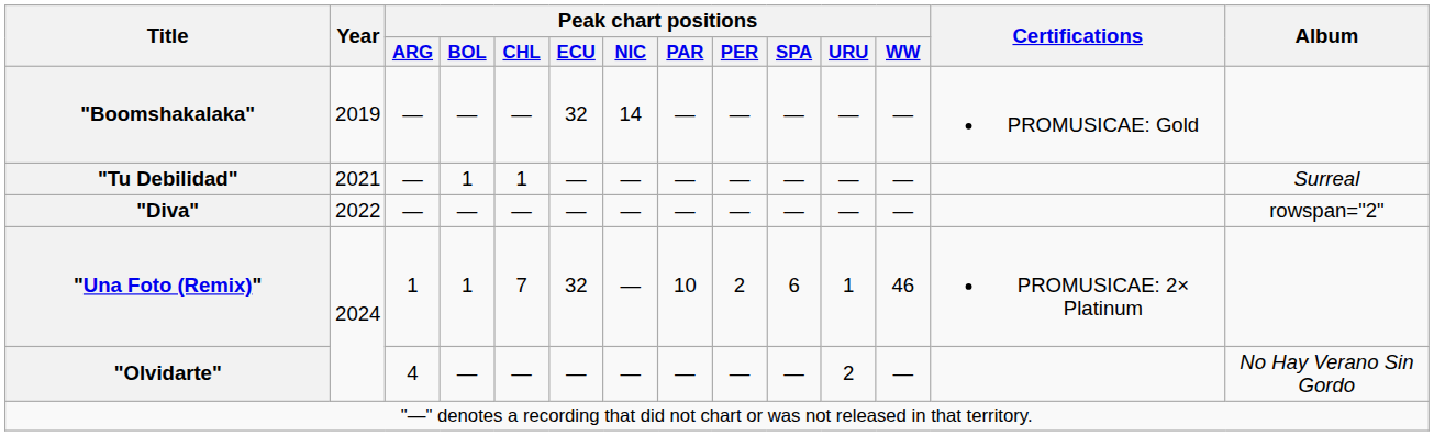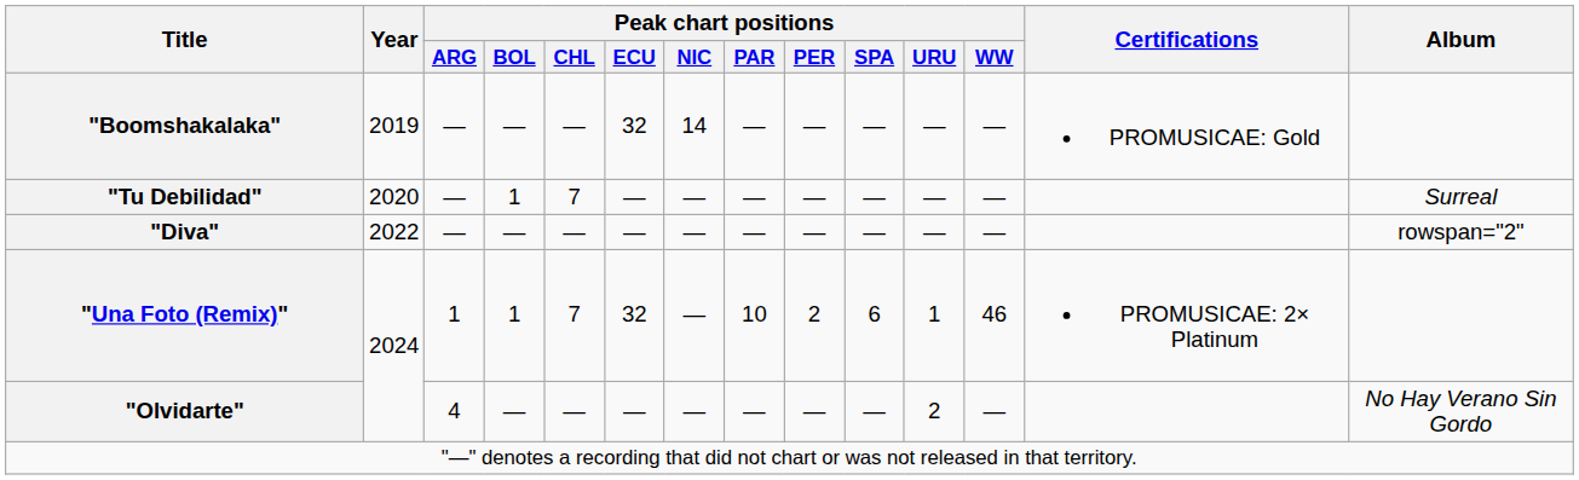 <table class="wikitable plainrowheaders" style="text-align:center;">
 <tr>
 <th scope="col" rowspan="2" style="width:15.5em;">Title</th>
 <th scope="col" rowspan="2" style="width:1em;">Year</th>
 <th scope="col" colspan="10">Peak chart positions</th>
 <th scope="col" rowspan="2" style="width:14em;"><a href='#'>Certifications</a></th>
 <th scope="col" rowspan="2" style="width:9.5em;">Album</th>
 </tr>
 <tr>
 <th scope="col" style="width:2.5em;font-size:90%;"><a href='#'>ARG</a><br></th>
 <th scope="col" style="width:2.5em;font-size:90%;"><a href='#'>BOL</a><br></th>
 <th scope="col" style="width:2.5em;font-size:90%;"><a href='#'>CHL</a><br></th>
 <th scope="col" style="width:2.5em;font-size:90%;"><a href='#'>ECU</a><br></th>
 <th scope="col" style="width:2.5em;font-size:90%;"><a href='#'>NIC</a><br></th>
 <th scope="col" style="width:2.5em;font-size:90%;"><a href='#'>PAR</a><br></th>
 <th scope="col" style="width:2.5em;font-size:90%;"><a href='#'>PER</a><br></th>
 <th scope="col" style="width:2.5em;font-size:90%;"><a href='#'>SPA</a><br></th>
 <th scope="col" style="width:2.5em;font-size:90%;"><a href='#'>URU</a><br></th>
 <th scope="col" style="width:2.5em;font-size:90%;"><a href='#'>WW</a><br></th>
 </tr>
 <tr>
 <th scope="row">"Boomshakalaka" <br></th>
 <td>2019</td>
 <td>—</td>
 <td>—</td>
 <td>—</td>
 <td>32</td>
 <td>14</td>
 <td>—</td>
 <td>—</td>
 <td>—</td>
 <td>—</td>
 <td>—</td>
 <td><br><ul><li>PROMUSICAE: Gold</li></ul></td>
 <td></td>
 </tr>
 <tr>
 <th scope="row">"Tu Debilidad"<br></th>
-<td>2021</td>
+<td>2020</td>
 <td>—</td>
 <td>1</td>
-<td>1</td>
+<td>7</td>
 <td>—</td>
 <td>—</td>
 <td>—</td>
 <td>—</td>
 <td>—</td>
 <td>—</td>
 <td>—</td>
 <td></td>
 <td><em>Surreal</em></td>
 </tr>
 <tr>
 <th scope="row">"Diva"<br></th>
 <td>2022</td>
 <td>—</td>
 <td>—</td>
 <td>—</td>
 <td>—</td>
 <td>—</td>
 <td>—</td>
 <td>—</td>
 <td>—</td>
 <td>—</td>
 <td>—</td>
 <td></td>
 <td>rowspan="2" </td>
 </tr>
 <tr>
 <th scope="row">"<a href='#'>Una Foto (Remix)</a>"<br></th>
 <td rowspan="2">2024</td>
 <td>1</td>
 <td>1</td>
 <td>7</td>
 <td>32</td>
 <td>—</td>
 <td>10</td>
 <td>2</td>
 <td>6</td>
 <td>1</td>
 <td>46</td>
 <td><br><ul><li>PROMUSICAE: 2× Platinum</li></ul></td>
 </tr>
 <tr>
 <th scope="row">"Olvidarte"<br></th>
 <td>4</td>
 <td>—</td>
 <td>—</td>
 <td>—</td>
 <td>—</td>
 <td>—</td>
 <td>—</td>
 <td>—</td>
 <td>2</td>
 <td>—</td>
 <td></td>
 <td><em>No Hay Verano Sin Gordo</em></td>
 </tr>
 <tr>
 <td colspan="15" style="font-size:90%">"—" denotes a recording that did not chart or was not released in that territory.</td>
 </tr>
 </table>
